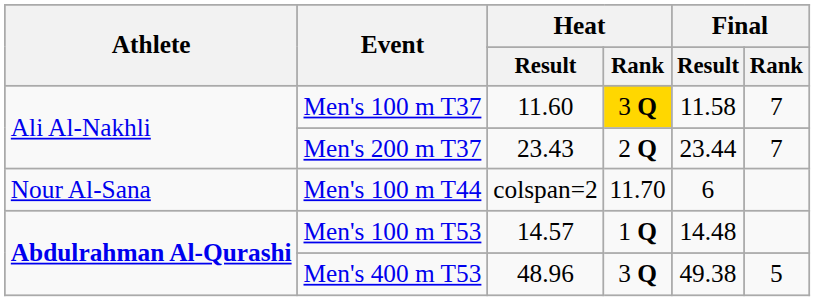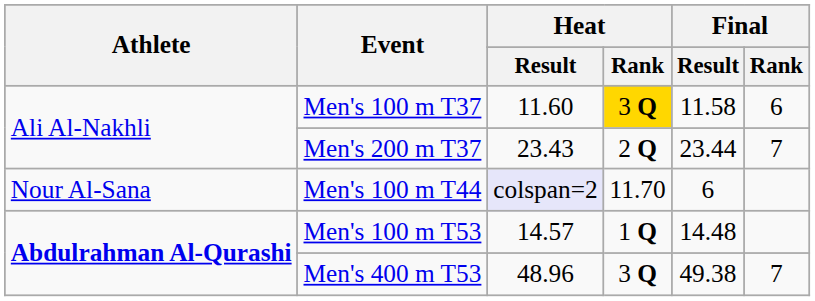 <table class="wikitable" style="font-size:90%">
 <tr>
 <th rowspan="2">Athlete</th>
 <th rowspan="2">Event</th>
 <th colspan="2">Heat</th>
 <th colspan="2">Final</th>
 </tr>
 <tr style="font-size:90%">
 <th>Result</th>
 <th>Rank</th>
 <th>Result</th>
 <th>Rank</th>
 </tr>
 <tr align=center>
 <td align=left rowspan=2><a href='#'>Ali Al-Nakhli</a></td>
 <td align=left><a href='#'>Men's 100 m T37</a></td>
 <td>11.60</td>
 <td style="background: gold;">3 <strong>Q</strong></td>
 <td>11.58</td>
-<td>7</td>
+<td>6</td>
 </tr>
 <tr align=center>
 <td align=left><a href='#'>Men's 200 m T37</a></td>
 <td>23.43</td>
 <td>2 <strong>Q</strong></td>
 <td>23.44</td>
 <td>7</td>
 </tr>
 <tr align=center>
 <td align=left><a href='#'>Nour Al-Sana</a></td>
 <td align=left><a href='#'>Men's 100 m T44</a></td>
-<td>colspan=2 </td>
+<td style="background: lavender;">colspan=2 </td>
 <td>11.70</td>
 <td>6</td>
 </tr>
 <tr align=center>
 <td align=left rowspan=2><strong><a href='#'>Abdulrahman Al-Qurashi</a></strong></td>
 <td align=left><a href='#'>Men's 100 m T53</a></td>
 <td>14.57</td>
 <td>1 <strong>Q</strong></td>
 <td>14.48</td>
 <td></td>
 </tr>
 <tr align=center>
 <td align=left><a href='#'>Men's 400 m T53</a></td>
 <td>48.96</td>
 <td>3 <strong>Q</strong></td>
 <td>49.38</td>
-<td>5</td>
+<td>7</td>
 </tr>
 </table>
